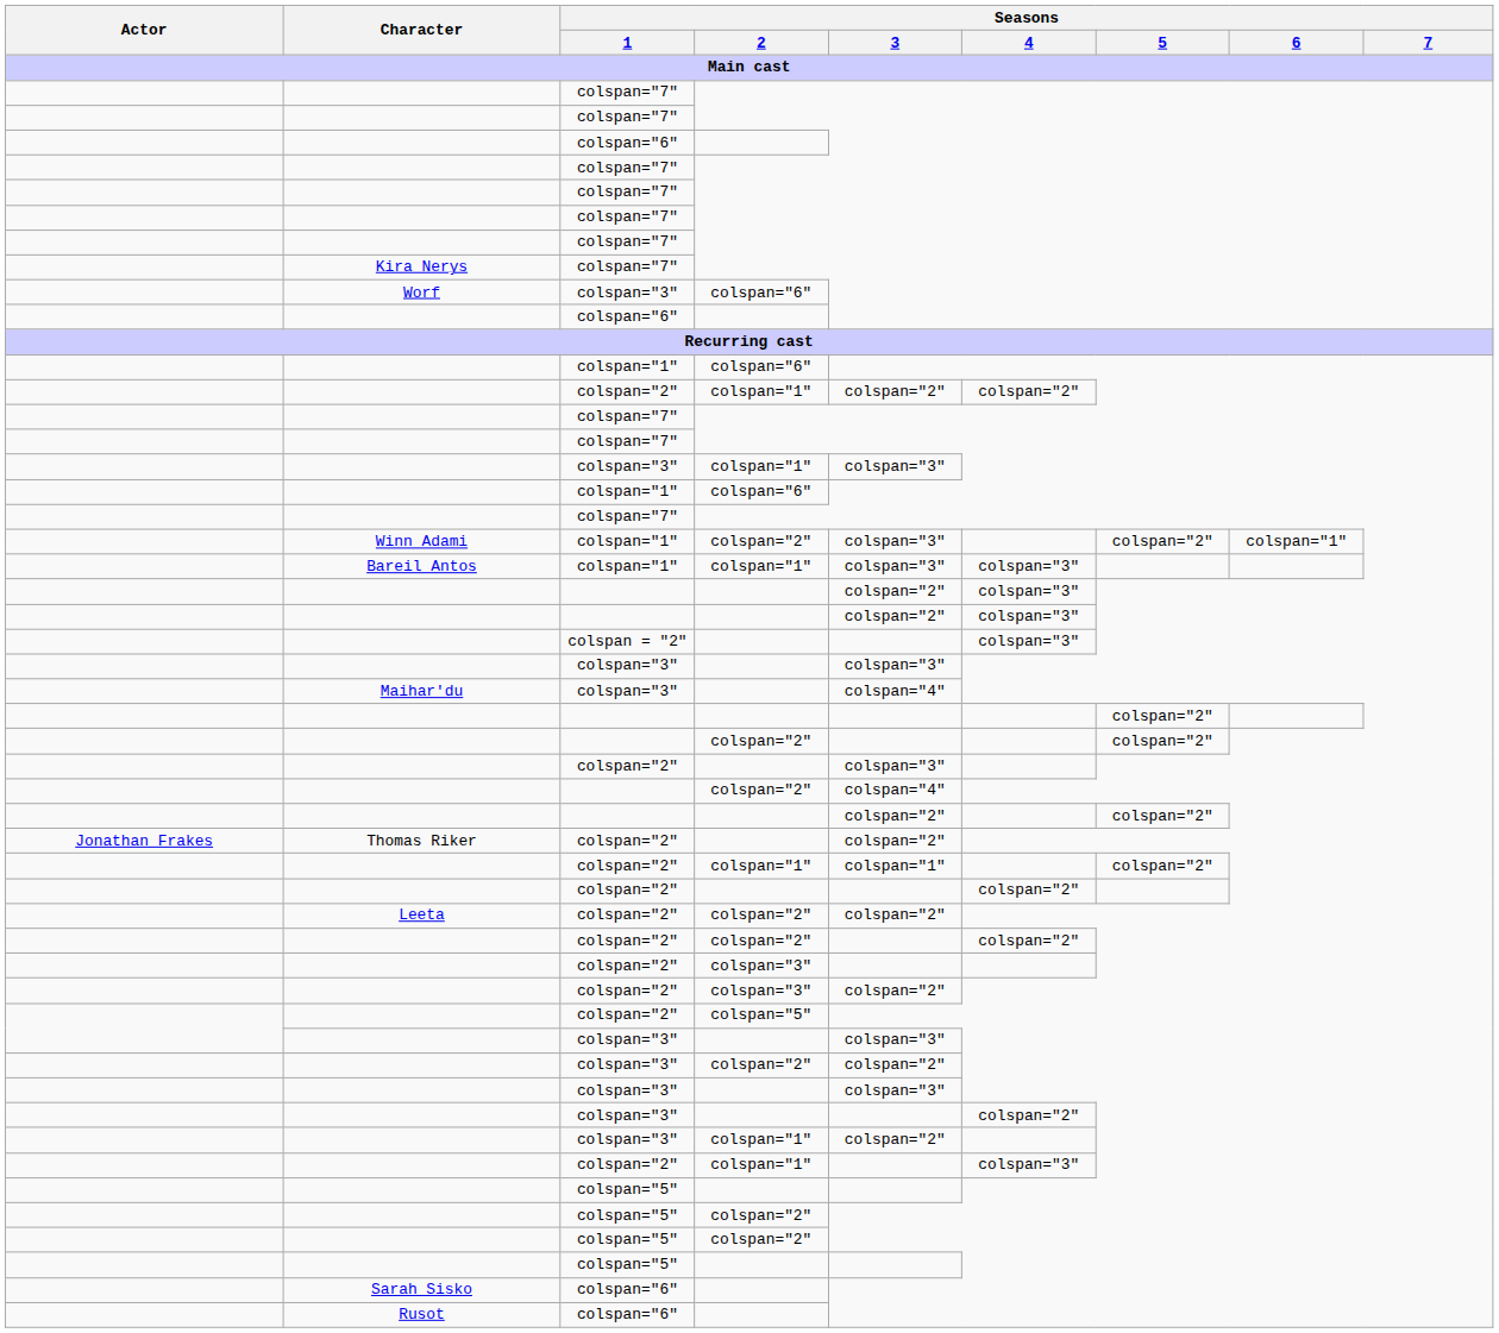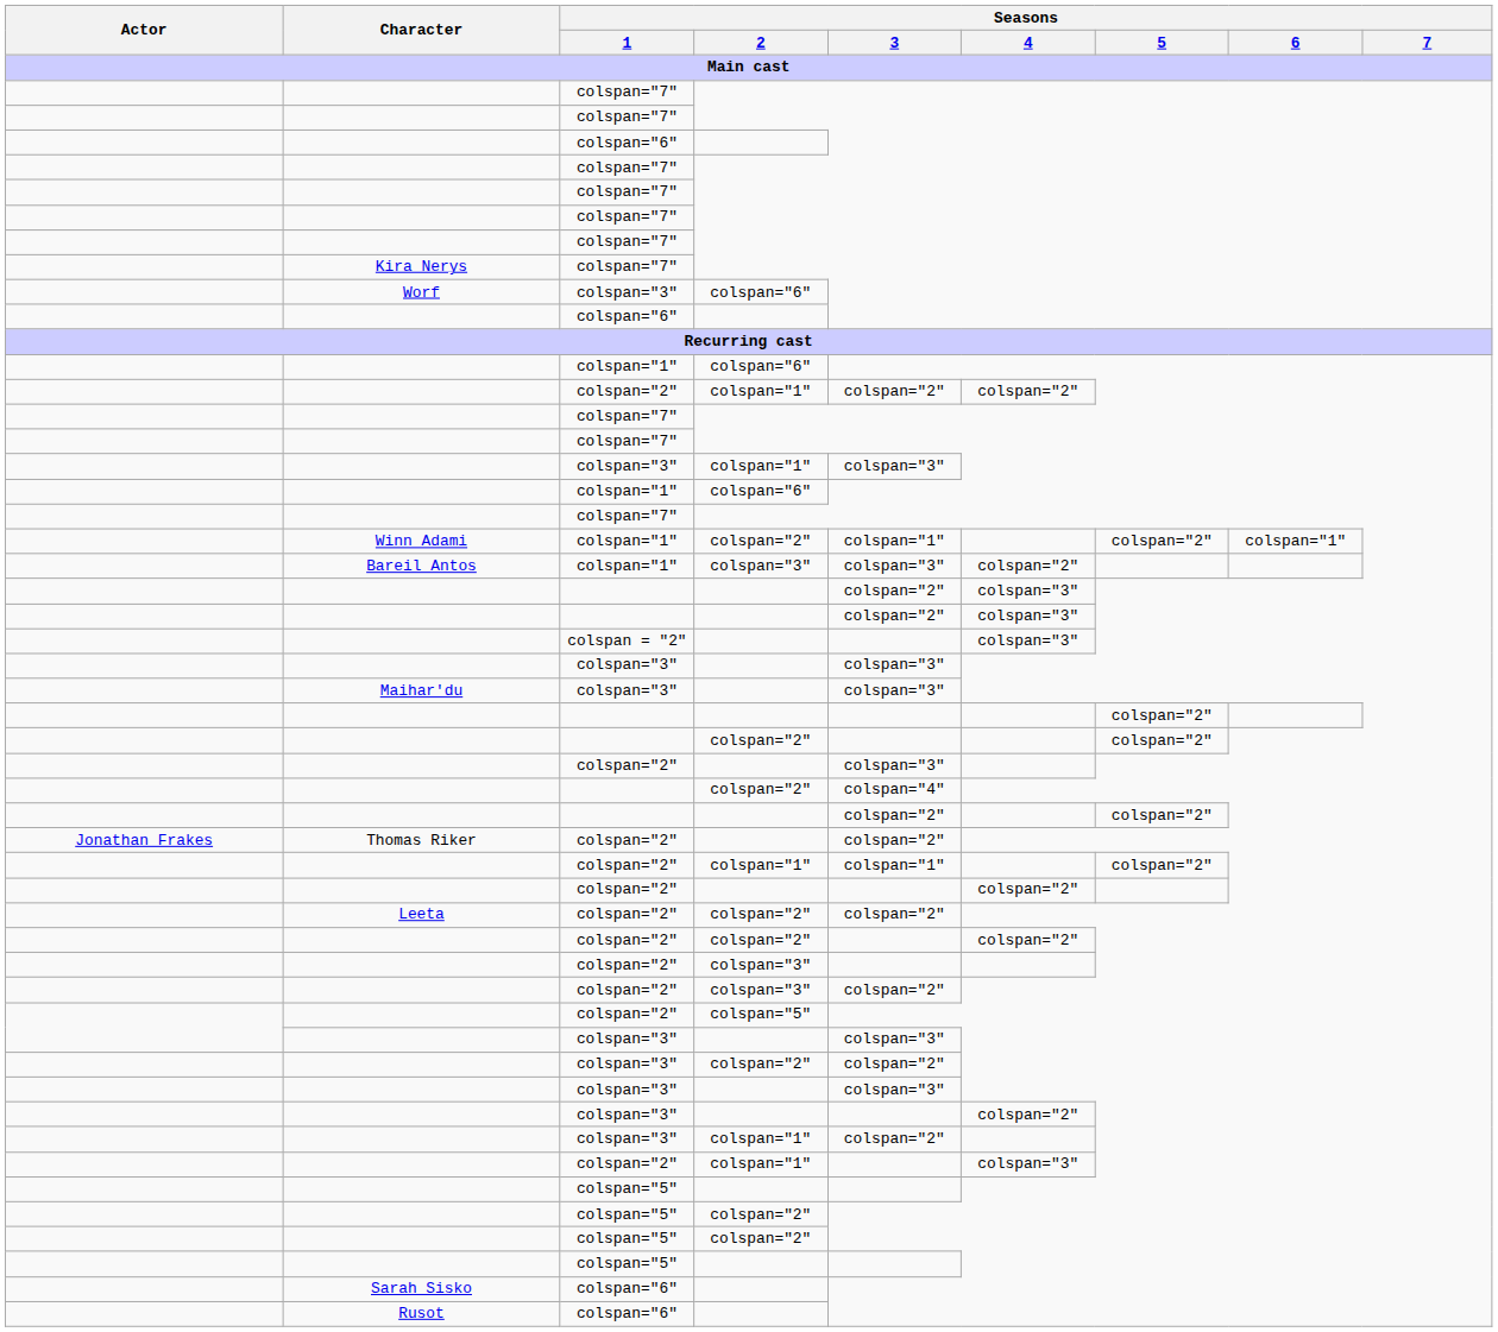 <table class="wikitable plainrowheaders" style="text-align:center; width:100%">
 <tr>
 <th scope="col" rowspan="2" style="width:15%;">Actor</th>
 <th scope="col" rowspan="2" style="width:15%;">Character</th>
 <th scope="col" colspan="7" style="width:21%;">Seasons</th>
 </tr>
 <tr>
 <th width="7%" scope="col"><a href='#'>1</a></th>
 <th width="7%" scope="col"><a href='#'>2</a></th>
 <th width="7%" scope="col"><a href='#'>3</a></th>
 <th width="7%" scope="col"><a href='#'>4</a></th>
 <th width="7%" scope="col"><a href='#'>5</a></th>
 <th width="7%" scope="col"><a href='#'>6</a></th>
 <th width="7%" scope="col"><a href='#'>7</a></th>
 </tr>
 <tr>
 <td scope="row" colspan="13" style="background-color:#ccccff;"><strong>Main cast</strong></td>
 </tr>
 <tr>
 <td scope="row"></td>
 <td></td>
 <td>colspan="7" </td>
 </tr>
 <tr>
 <td scope="row"></td>
 <td></td>
 <td>colspan="7" </td>
 </tr>
 <tr>
 <td scope="row"></td>
 <td></td>
 <td>colspan="6" </td>
 <td></td>
 </tr>
 <tr>
 <td scope="row"></td>
 <td></td>
 <td>colspan="7" </td>
 </tr>
 <tr>
 <td scope="row"></td>
 <td></td>
 <td>colspan="7" </td>
 </tr>
 <tr>
 <td scope="row"></td>
 <td></td>
 <td>colspan="7" </td>
 </tr>
 <tr>
 <td scope="row"></td>
 <td></td>
 <td>colspan="7" </td>
 </tr>
 <tr>
 <td scope="row"></td>
 <td><a href='#'>Kira Nerys</a></td>
 <td>colspan="7" </td>
 </tr>
 <tr>
 <td scope="row"></td>
 <td><a href='#'>Worf</a></td>
 <td>colspan="3" </td>
 <td>colspan="6" </td>
 </tr>
 <tr>
 <td scope="row"></td>
 <td></td>
 <td>colspan="6" </td>
 <td></td>
 </tr>
 <tr>
 <td scope="row" colspan="13" style="background-color:#ccccff;"><strong>Recurring cast</strong></td>
 </tr>
 <tr>
 <td scope="row"></td>
 <td></td>
 <td>colspan="1" </td>
 <td>colspan="6" </td>
 </tr>
 <tr>
 <td scope="row"></td>
 <td></td>
 <td>colspan="2" </td>
 <td>colspan="1" </td>
 <td>colspan="2" </td>
 <td>colspan="2" </td>
 </tr>
 <tr>
 <td scope="row"></td>
 <td></td>
 <td>colspan="7" </td>
 </tr>
 <tr>
 <td scope="row"></td>
 <td></td>
 <td>colspan="7" </td>
 </tr>
 <tr>
 <td scope="row"></td>
 <td></td>
 <td>colspan="3" </td>
 <td>colspan="1" </td>
 <td>colspan="3" </td>
 </tr>
 <tr>
 <td scope="row"></td>
 <td></td>
 <td>colspan="1" </td>
 <td>colspan="6" </td>
 </tr>
 <tr>
 <td scope="row"></td>
 <td></td>
 <td>colspan="7" </td>
 </tr>
 <tr>
 <td scope="row"></td>
 <td><a href='#'>Winn Adami</a></td>
 <td>colspan="1" </td>
 <td>colspan="2" </td>
-<td>colspan="3" </td>
+<td>colspan="1" </td>
 <td></td>
 <td>colspan="2" </td>
 <td>colspan="1" </td>
 </tr>
 <tr>
 <td scope="row"></td>
 <td><a href='#'>Bareil Antos</a></td>
 <td>colspan="1" </td>
-<td>colspan="1" </td>
 <td>colspan="3" </td>
 <td>colspan="3" </td>
+<td>colspan="2" </td>
 <td></td>
 <td></td>
 </tr>
 <tr>
 <td scope="row"></td>
 <td></td>
 <td></td>
 <td></td>
 <td>colspan="2" </td>
 <td>colspan="3" </td>
 </tr>
 <tr>
 <td scope="row"></td>
 <td></td>
 <td></td>
 <td></td>
 <td>colspan="2" </td>
 <td>colspan="3" </td>
 </tr>
 <tr>
 <td scope="row"></td>
 <td></td>
 <td>colspan = "2"</td>
 <td></td>
 <td></td>
 <td>colspan="3" </td>
 </tr>
 <tr>
 <td scope="row"></td>
 <td></td>
 <td>colspan="3" </td>
 <td></td>
 <td>colspan="3" </td>
 </tr>
 <tr>
 <td scope="row"></td>
 <td><a href='#'>Maihar'du</a></td>
 <td>colspan="3" </td>
 <td></td>
-<td>colspan="4" </td>
+<td>colspan="3" </td>
 </tr>
 <tr>
 <td scope="row"></td>
 <td></td>
 <td></td>
 <td></td>
 <td></td>
 <td></td>
 <td>colspan="2" </td>
 <td></td>
 </tr>
 <tr>
 <td scope="row"></td>
 <td></td>
 <td></td>
 <td>colspan="2" </td>
 <td></td>
 <td></td>
 <td>colspan="2" </td>
 </tr>
 <tr>
 <td scope="row"></td>
 <td></td>
 <td>colspan="2" </td>
 <td></td>
 <td>colspan="3" </td>
 <td></td>
 </tr>
 <tr>
 <td scope="row"></td>
 <td></td>
 <td></td>
 <td>colspan="2" </td>
 <td>colspan="4" </td>
 </tr>
 <tr>
 <td scope="row"></td>
 <td></td>
 <td></td>
 <td></td>
 <td>colspan="2" </td>
 <td></td>
 <td>colspan="2" </td>
 </tr>
 <tr>
 <td><a href='#'>Jonathan Frakes</a></td>
 <td>Thomas Riker</td>
 <td>colspan="2" </td>
 <td></td>
 <td>colspan="2" </td>
 </tr>
 <tr>
 <td scope="row"></td>
 <td></td>
 <td>colspan="2" </td>
 <td>colspan="1"</td>
 <td>colspan="1" </td>
 <td></td>
 <td>colspan="2" </td>
 </tr>
 <tr>
 <td scope="row"></td>
 <td></td>
 <td>colspan="2" </td>
 <td></td>
 <td></td>
 <td>colspan="2" </td>
 <td></td>
 </tr>
 <tr>
 <td scope="row"></td>
 <td><a href='#'>Leeta</a></td>
 <td>colspan="2" </td>
 <td>colspan="2" </td>
 <td>colspan="2" </td>
 </tr>
 <tr>
 <td scope="row"></td>
 <td></td>
 <td>colspan="2" </td>
 <td>colspan="2" </td>
 <td></td>
 <td>colspan="2" </td>
 </tr>
 <tr>
 <td scope="row"></td>
 <td></td>
 <td>colspan="2" </td>
 <td>colspan="3" </td>
 <td></td>
 <td></td>
 </tr>
 <tr>
 <td scope="row"></td>
 <td></td>
 <td>colspan="2" </td>
 <td>colspan="3" </td>
 <td>colspan="2" </td>
 </tr>
 <tr>
 <td rowspan="2" scope="row"></td>
 <td></td>
 <td>colspan="2" </td>
 <td>colspan="5" </td>
 </tr>
 <tr>
 <td></td>
 <td>colspan="3" </td>
 <td></td>
 <td>colspan="3" </td>
 </tr>
 <tr>
 <td scope="row"></td>
 <td></td>
 <td>colspan="3" </td>
 <td>colspan="2" </td>
 <td>colspan="2" </td>
 </tr>
 <tr>
 <td scope="row"></td>
 <td></td>
 <td>colspan="3" </td>
 <td></td>
 <td>colspan="3" </td>
 </tr>
 <tr>
 <td scope="row"></td>
 <td></td>
 <td>colspan="3" </td>
 <td></td>
 <td></td>
 <td>colspan="2" </td>
 </tr>
 <tr>
 <td scope="row"></td>
 <td></td>
 <td>colspan="3" </td>
 <td>colspan="1" </td>
 <td>colspan="2" </td>
 <td></td>
 </tr>
 <tr>
 <td scope="row"></td>
 <td></td>
 <td>colspan="2" </td>
 <td>colspan="1" </td>
 <td></td>
 <td>colspan="3" </td>
 </tr>
 <tr>
 <td scope="row"></td>
 <td></td>
 <td>colspan="5" </td>
 <td></td>
 <td></td>
 </tr>
 <tr>
 <td scope="row"></td>
 <td></td>
 <td>colspan="5" </td>
 <td>colspan="2" </td>
 </tr>
 <tr>
 <td scope="row"></td>
 <td></td>
 <td>colspan="5" </td>
 <td>colspan="2" </td>
 </tr>
 <tr>
 <td scope="row"></td>
 <td></td>
 <td>colspan="5" </td>
 <td></td>
 <td></td>
 </tr>
 <tr>
 <td scope="row"></td>
 <td><a href='#'>Sarah Sisko</a></td>
 <td>colspan="6" </td>
 <td></td>
 </tr>
 <tr>
 <td scope="row"></td>
 <td><a href='#'>Rusot</a></td>
 <td>colspan="6" </td>
 <td></td>
 </tr>
 </table>
